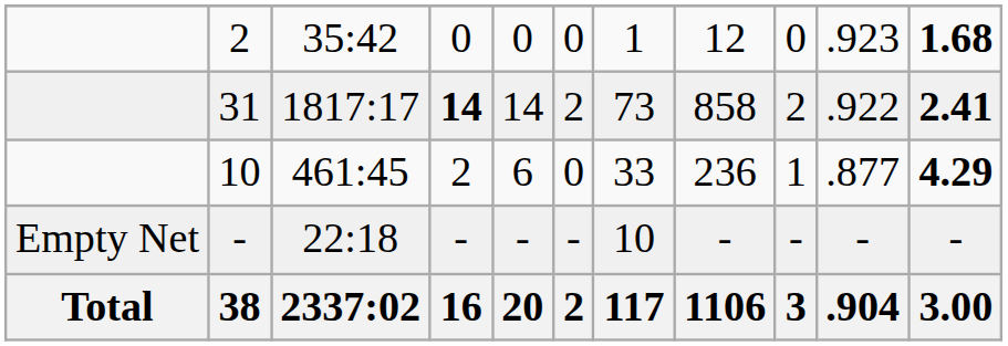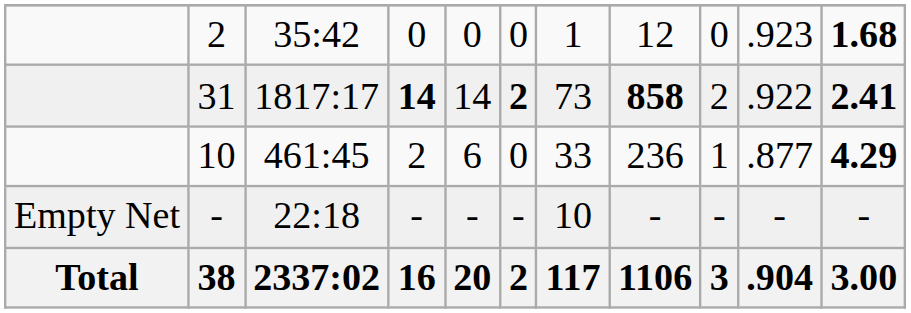 <table class="wikitable sortable">
 <tr align="center">
 </tr>
 <tr align="center" bgcolor="">
 <td></td>
 <td>2</td>
 <td>35:42</td>
 <td>0</td>
 <td>0</td>
 <td>0</td>
 <td>1</td>
 <td>12</td>
 <td>0</td>
 <td>.923</td>
 <td><strong>1.68</strong></td>
 </tr>
 <tr align="center" bgcolor="f0f0f0">
 <td></td>
 <td>31</td>
 <td>1817:17</td>
 <td><strong>14</strong></td>
 <td>14</td>
-<td>2</td>
+<td><strong>2</strong></td>
 <td>73</td>
-<td>858</td>
+<td><strong>858</strong></td>
 <td>2</td>
 <td>.922</td>
 <td><strong>2.41</strong></td>
 </tr>
 <tr align="center" bgcolor="">
 <td></td>
 <td>10</td>
 <td>461:45</td>
 <td>2</td>
 <td>6</td>
 <td>0</td>
 <td>33</td>
 <td>236</td>
 <td>1</td>
 <td>.877</td>
 <td><strong>4.29</strong></td>
 </tr>
 <tr align="center" bgcolor="f0f0f0">
 <td>Empty Net</td>
 <td>-</td>
 <td>22:18</td>
 <td>-</td>
 <td>-</td>
 <td>-</td>
 <td>10</td>
 <td>-</td>
 <td>-</td>
 <td>-</td>
 <td>-</td>
 </tr>
 <tr>
 <th>Total</th>
 <th>38</th>
 <th>2337:02</th>
 <th>16</th>
 <th>20</th>
 <th>2</th>
 <th>117</th>
 <th>1106</th>
 <th>3</th>
 <th>.904</th>
 <th>3.00</th>
 </tr>
 </table>
